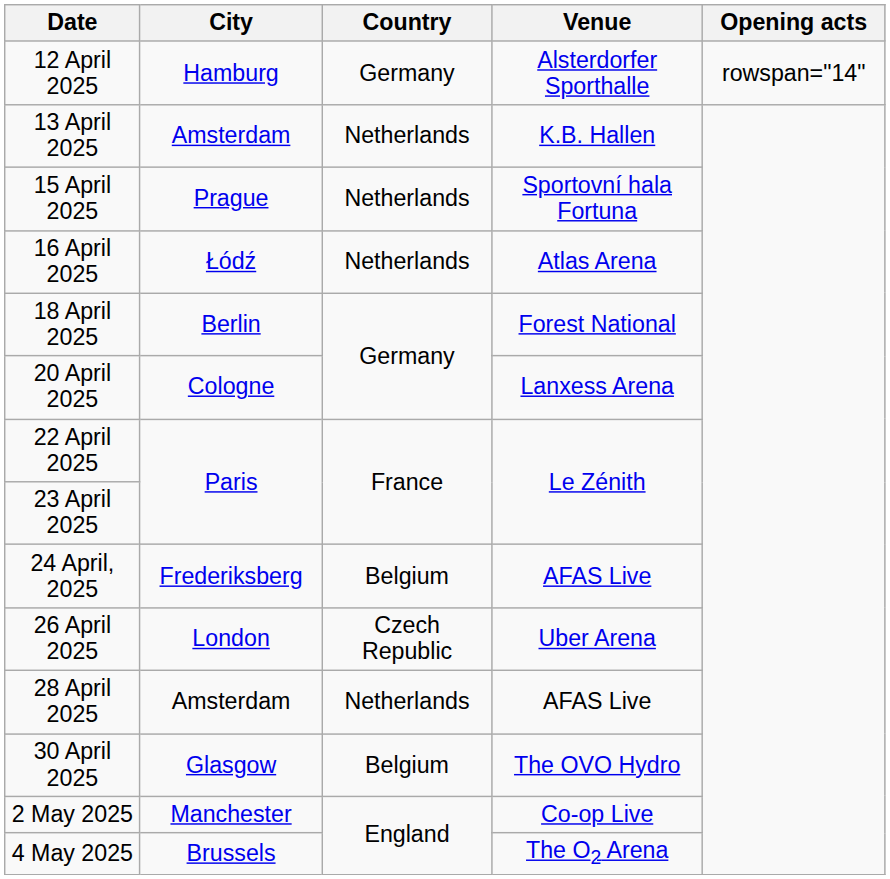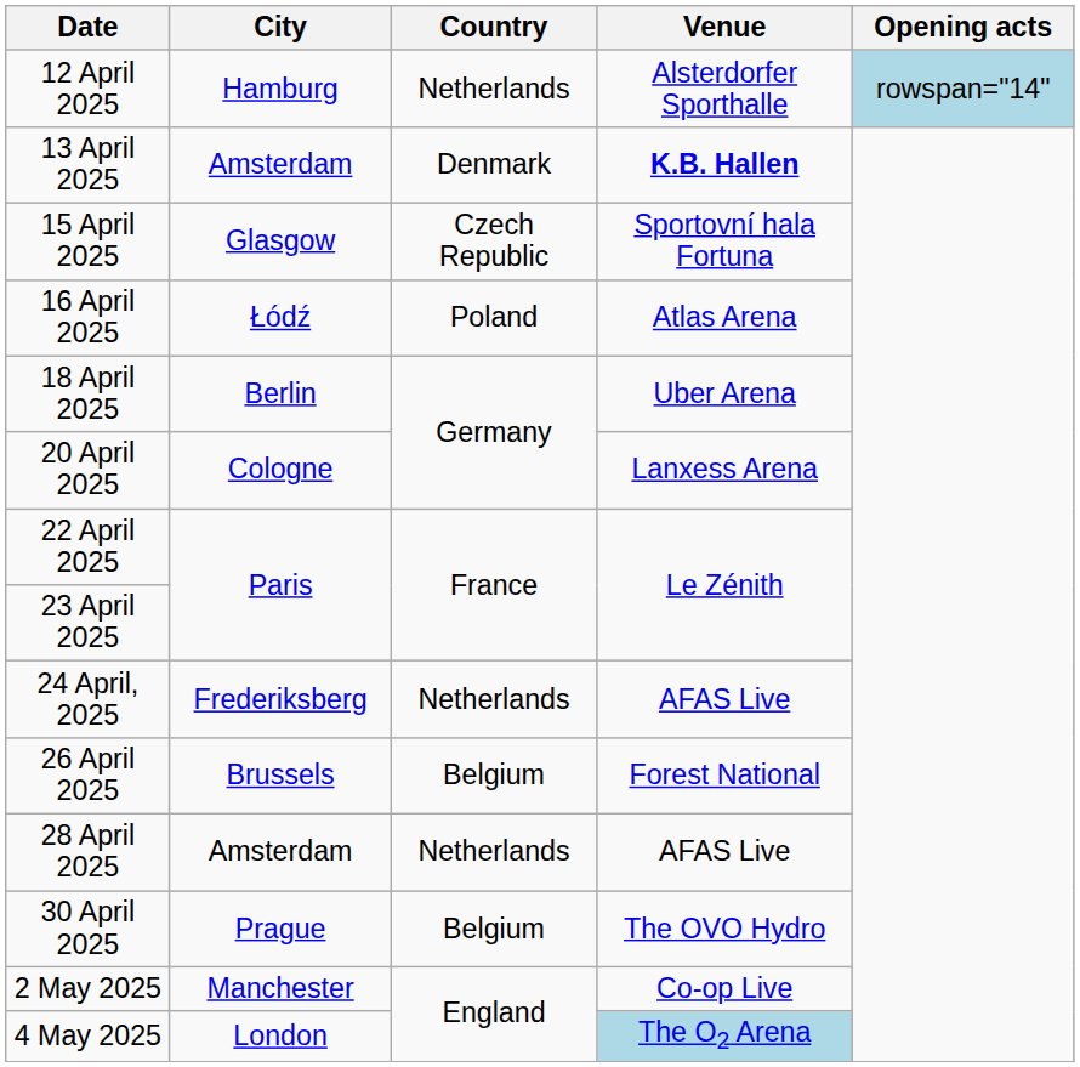 <table class="wikitable plainrowheaders" style="text-align:center;">
 <tr>
 <th scope="col" style="width:12em;">Date</th>
 <th scope="col" style="width:10em;">City</th>
 <th scope="col" style="width:10em;">Country</th>
 <th scope="col" style="width:16em;">Venue</th>
 <th scope="col" style="width:10em;">Opening acts</th>
 </tr>
 <tr>
 <td>12 April 2025</td>
 <td><a href='#'>Hamburg</a></td>
-<td>Germany</td>
+<td>Netherlands</td>
 <td><a href='#'>Alsterdorfer Sporthalle</a></td>
-<td>rowspan="14" </td>
+<td style="background: lightblue;">rowspan="14" </td>
 </tr>
 <tr>
 <td>13 April 2025</td>
 <td><a href='#'>Amsterdam</a></td>
-<td>Netherlands</td>
-<td><a href='#'>K.B. Hallen</a></td>
+<td>Denmark</td>
+<td><strong><a href='#'>K.B. Hallen</a></strong></td>
 </tr>
 <tr>
 <td>15 April 2025</td>
-<td><a href='#'>Prague</a></td>
-<td>Netherlands</td>
+<td><a href='#'>Glasgow</a></td>
+<td>Czech Republic</td>
 <td><a href='#'>Sportovní hala Fortuna</a></td>
 </tr>
 <tr>
 <td>16 April 2025</td>
 <td><a href='#'>Łódź</a></td>
-<td>Netherlands</td>
+<td>Poland</td>
 <td><a href='#'>Atlas Arena</a></td>
 </tr>
 <tr>
 <td>18 April 2025</td>
 <td><a href='#'>Berlin</a></td>
 <td rowspan="2">Germany</td>
-<td><a href='#'>Forest National</a></td>
+<td><a href='#'>Uber Arena</a></td>
 </tr>
 <tr>
 <td>20 April 2025</td>
 <td><a href='#'>Cologne</a></td>
 <td><a href='#'>Lanxess Arena</a></td>
 </tr>
 <tr>
 <td>22 April 2025</td>
 <td rowspan="2"><a href='#'>Paris</a></td>
 <td rowspan="2">France</td>
 <td rowspan="2"><a href='#'>Le Zénith</a></td>
 </tr>
 <tr>
 <td>23 April 2025</td>
 </tr>
 <tr>
 <td>24 April, 2025</td>
 <td><a href='#'>Frederiksberg</a></td>
-<td>Belgium</td>
+<td>Netherlands</td>
 <td><a href='#'>AFAS Live</a></td>
 </tr>
 <tr>
 <td>26 April 2025</td>
-<td><a href='#'>London</a></td>
-<td>Czech Republic</td>
-<td><a href='#'>Uber Arena</a></td>
+<td><a href='#'>Brussels</a></td>
+<td>Belgium</td>
+<td><a href='#'>Forest National</a></td>
 </tr>
 <tr>
 <td>28 April 2025</td>
 <td>Amsterdam</td>
 <td>Netherlands</td>
 <td>AFAS Live</td>
 </tr>
 <tr>
 <td>30 April 2025</td>
-<td><a href='#'>Glasgow</a></td>
+<td><a href='#'>Prague</a></td>
 <td>Belgium</td>
 <td><a href='#'>The OVO Hydro</a></td>
 </tr>
 <tr>
 <td>2 May 2025</td>
 <td><a href='#'>Manchester</a></td>
 <td rowspan="2">England</td>
 <td><a href='#'>Co-op Live</a></td>
 </tr>
 <tr>
 <td>4 May 2025</td>
-<td><a href='#'>Brussels</a></td>
-<td><a href='#'>The O<sub>2</sub> Arena</a></td>
+<td><a href='#'>London</a></td>
+<td style="background: lightblue;"><a href='#'>The O<sub>2</sub> Arena</a></td>
 </tr>
 </table>
